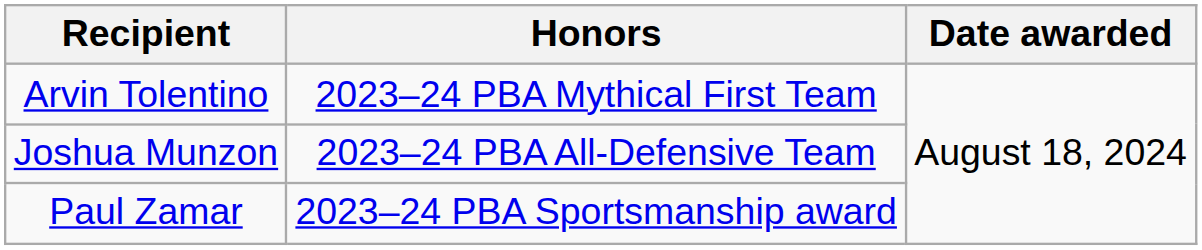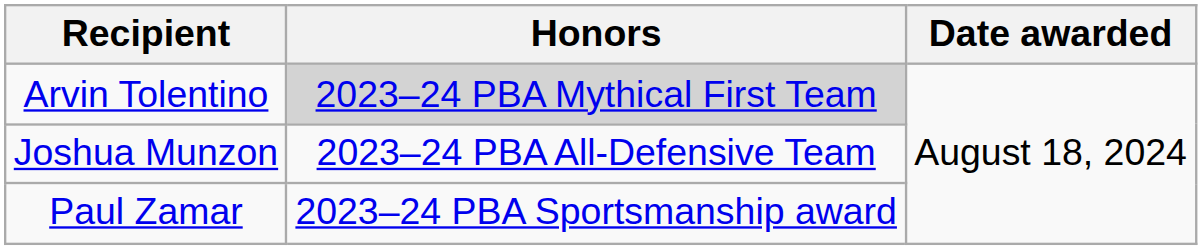 <table class="wikitable sortable sortable" style="text-align: center">
 <tr>
 <th>Recipient</th>
 <th>Honors</th>
 <th>Date awarded</th>
 </tr>
 <tr>
 <td><a href='#'>Arvin Tolentino</a></td>
-<td><a href='#'>2023–24 PBA Mythical First Team</a></td>
+<td style="background: lightgrey;"><a href='#'>2023–24 PBA Mythical First Team</a></td>
 <td rowspan=3>August 18, 2024</td>
 </tr>
 <tr>
 <td><a href='#'>Joshua Munzon</a></td>
 <td><a href='#'>2023–24 PBA All-Defensive Team</a></td>
 </tr>
 <tr>
 <td><a href='#'>Paul Zamar</a></td>
 <td><a href='#'>2023–24 PBA Sportsmanship award</a></td>
 </tr>
 </table>
